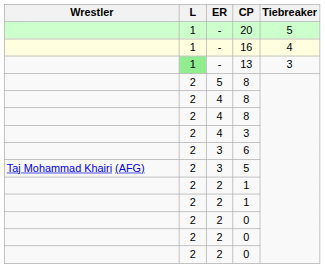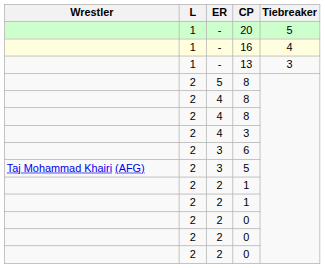 <table class="wikitable" style="text-align: center;" |>
 <tr>
 <th width="250">Wrestler</th>
 <th width="32">L</th>
 <th width="32">ER</th>
 <th width="32">CP</th>
 <th width="60">Tiebreaker</th>
 </tr>
 <tr bgcolor="ccffcc">
 <td style="text-align:left;"></td>
 <td>1</td>
 <td>-</td>
 <td>20</td>
 <td>5</td>
 </tr>
 <tr bgcolor="lightyellow">
 <td style="text-align:left;"></td>
 <td>1</td>
 <td>-</td>
 <td>16</td>
 <td>4</td>
 </tr>
 <tr>
 <td style="text-align:left;"></td>
-<td style="background: lightgreen;">1</td>
+<td>1</td>
 <td>-</td>
 <td>13</td>
 <td>3</td>
 </tr>
 <tr>
 <td style="text-align:left;"></td>
 <td>2</td>
 <td>5</td>
 <td>8</td>
 </tr>
 <tr>
 <td style="text-align:left;"></td>
 <td>2</td>
 <td>4</td>
 <td>8</td>
 </tr>
 <tr>
 <td style="text-align:left;"></td>
 <td>2</td>
 <td>4</td>
 <td>8</td>
 </tr>
 <tr>
 <td style="text-align:left;"></td>
 <td>2</td>
 <td>4</td>
 <td>3</td>
 </tr>
 <tr>
 <td style="text-align:left;"></td>
 <td>2</td>
 <td>3</td>
 <td>6</td>
 </tr>
 <tr>
 <td style="text-align:left;"><a href='#'>Taj Mohammad Khairi</a> <a href='#'>(AFG)</a></td>
 <td>2</td>
 <td>3</td>
 <td>5</td>
 </tr>
 <tr>
 <td style="text-align:left;"></td>
 <td>2</td>
 <td>2</td>
 <td>1</td>
 </tr>
 <tr>
 <td style="text-align:left;"></td>
 <td>2</td>
 <td>2</td>
 <td>1</td>
 </tr>
 <tr>
 <td style="text-align:left;"></td>
 <td>2</td>
 <td>2</td>
 <td>0</td>
 </tr>
 <tr>
 <td style="text-align:left;"></td>
 <td>2</td>
 <td>2</td>
 <td>0</td>
 </tr>
 <tr>
 <td style="text-align:left;"></td>
 <td>2</td>
 <td>2</td>
 <td>0</td>
 </tr>
 </table>
